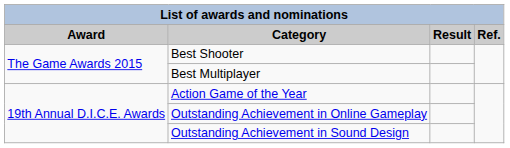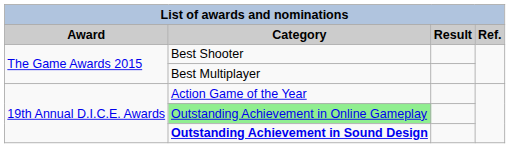 <table class="wikitable" style="font-size:90%;">
 <tr>
 <th colspan="4" style="background:#B0C4DE;">List of awards and nominations</th>
 </tr>
 <tr>
 <th style="background:#ccc;">Award</th>
 <th style="background:#ccc;">Category</th>
 <th style="background:#ccc;">Result</th>
 <th style="background:#ccc;">Ref.</th>
 </tr>
 <tr>
 <td rowspan="2"><a href='#'>The Game Awards 2015</a></td>
 <td>Best Shooter</td>
 <td></td>
 <td rowspan="2"></td>
 </tr>
 <tr>
 <td>Best Multiplayer</td>
 <td></td>
 </tr>
 <tr>
 <td rowspan="3"><a href='#'>19th Annual D.I.C.E. Awards</a></td>
 <td><a href='#'>Action Game of the Year</a></td>
 <td></td>
 <td rowspan="3"></td>
 </tr>
 <tr>
-<td><a href='#'>Outstanding Achievement in Online Gameplay</a></td>
+<td style="background: lightgreen;"><a href='#'>Outstanding Achievement in Online Gameplay</a></td>
 <td></td>
 </tr>
 <tr>
-<td><a href='#'>Outstanding Achievement in Sound Design</a></td>
+<td><strong><a href='#'>Outstanding Achievement in Sound Design</a></strong></td>
 <td></td>
 </tr>
 </table>
